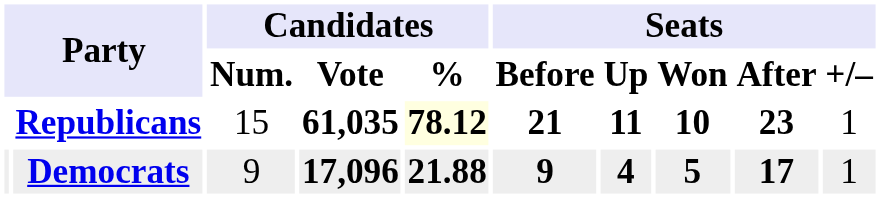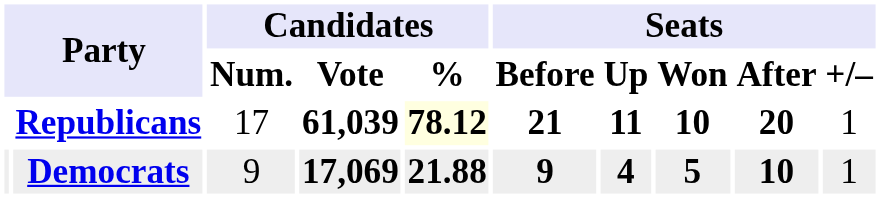 <table class="toccolours sortable" style="text-align:center;">
 <tr style="background:lavender">
 <th rowspan="2" colspan="2">Party</th>
 <th colspan=3>Candidates</th>
 <th colspan=5>Seats</th>
 </tr>
 <tr>
 <th align="center">Num.</th>
 <th align="center">Vote</th>
 <th align="center">%</th>
 <th align="center">Before</th>
 <th align="center">Up</th>
 <th align="center">Won</th>
 <th align="center">After</th>
 <th>+/–</th>
 </tr>
 <tr>
 <th style="background-color:"></th>
 <td><strong><a href='#'>Republicans</a></strong></td>
-<td>15</td>
-<td><strong>61,035</strong></td>
+<td>17</td>
+<td><strong>61,039</strong></td>
 <td style="background: lightyellow;"><strong>78.12</strong></td>
 <td><strong>21</strong></td>
 <td><strong>11</strong></td>
 <td><strong>10</strong></td>
-<td><strong>23</strong></td>
+<td><strong>20</strong></td>
 <td> 1</td>
 </tr>
 <tr style="background:#EEEEEE;">
 <th style="background-color:"></th>
 <td><strong><a href='#'>Democrats</a></strong></td>
 <td>9</td>
-<td><strong>17,096</strong></td>
+<td><strong>17,069</strong></td>
 <td><strong>21.88</strong></td>
 <td><strong>9</strong></td>
 <td><strong>4</strong></td>
 <td><strong>5</strong></td>
-<td><strong>17</strong></td>
+<td><strong>10</strong></td>
 <td> 1</td>
 </tr>
 <tr>
 </tr>
 </table>
